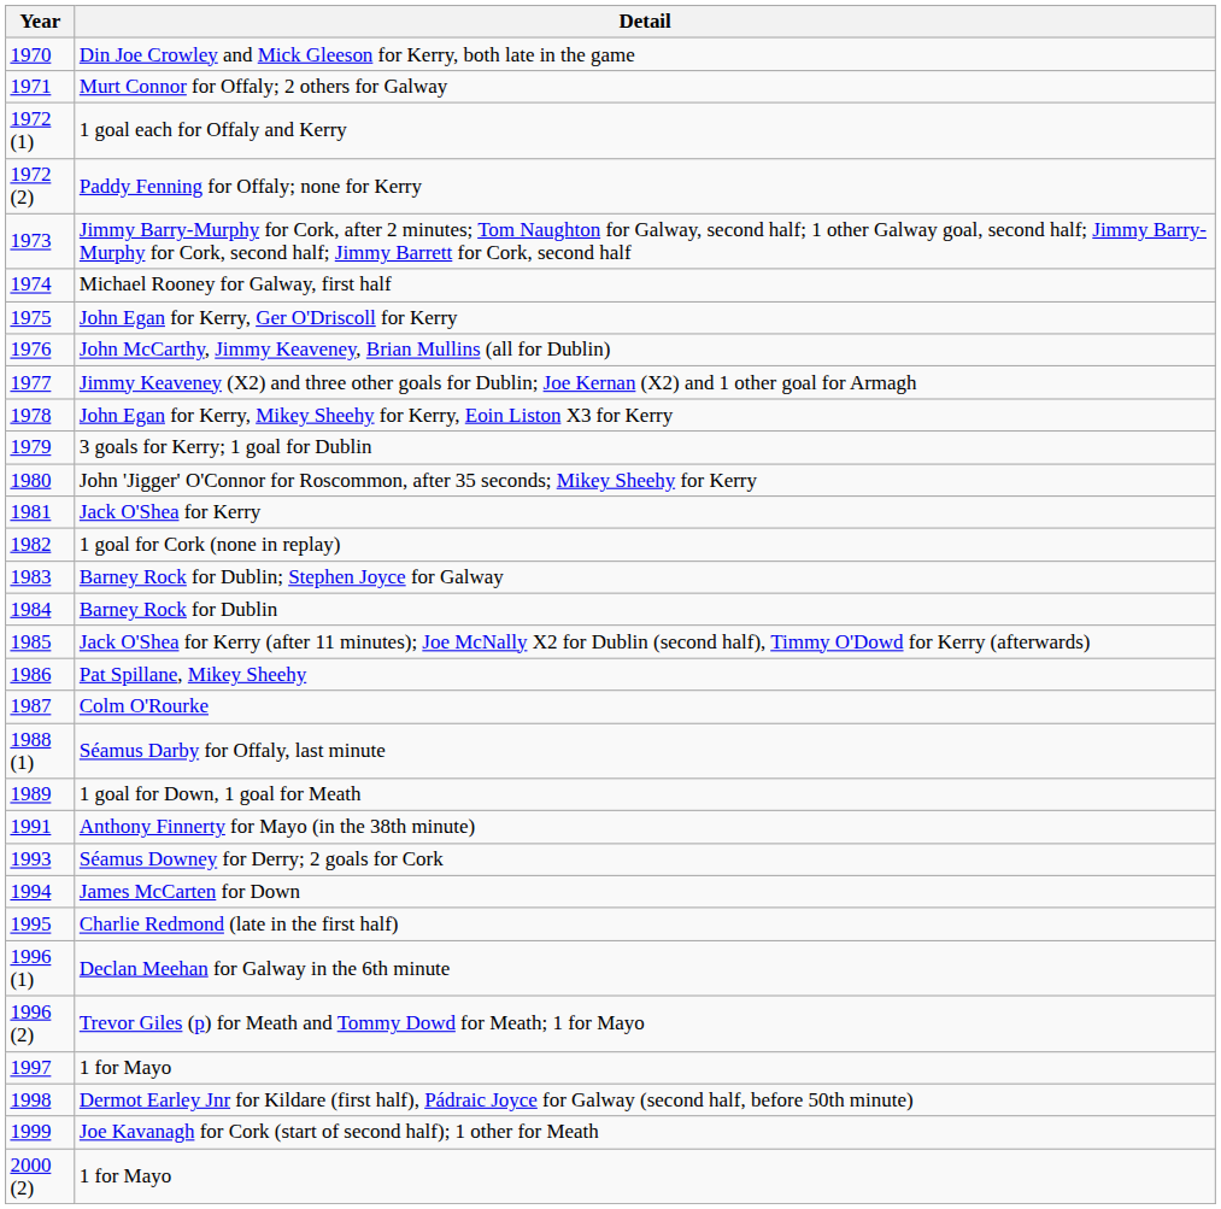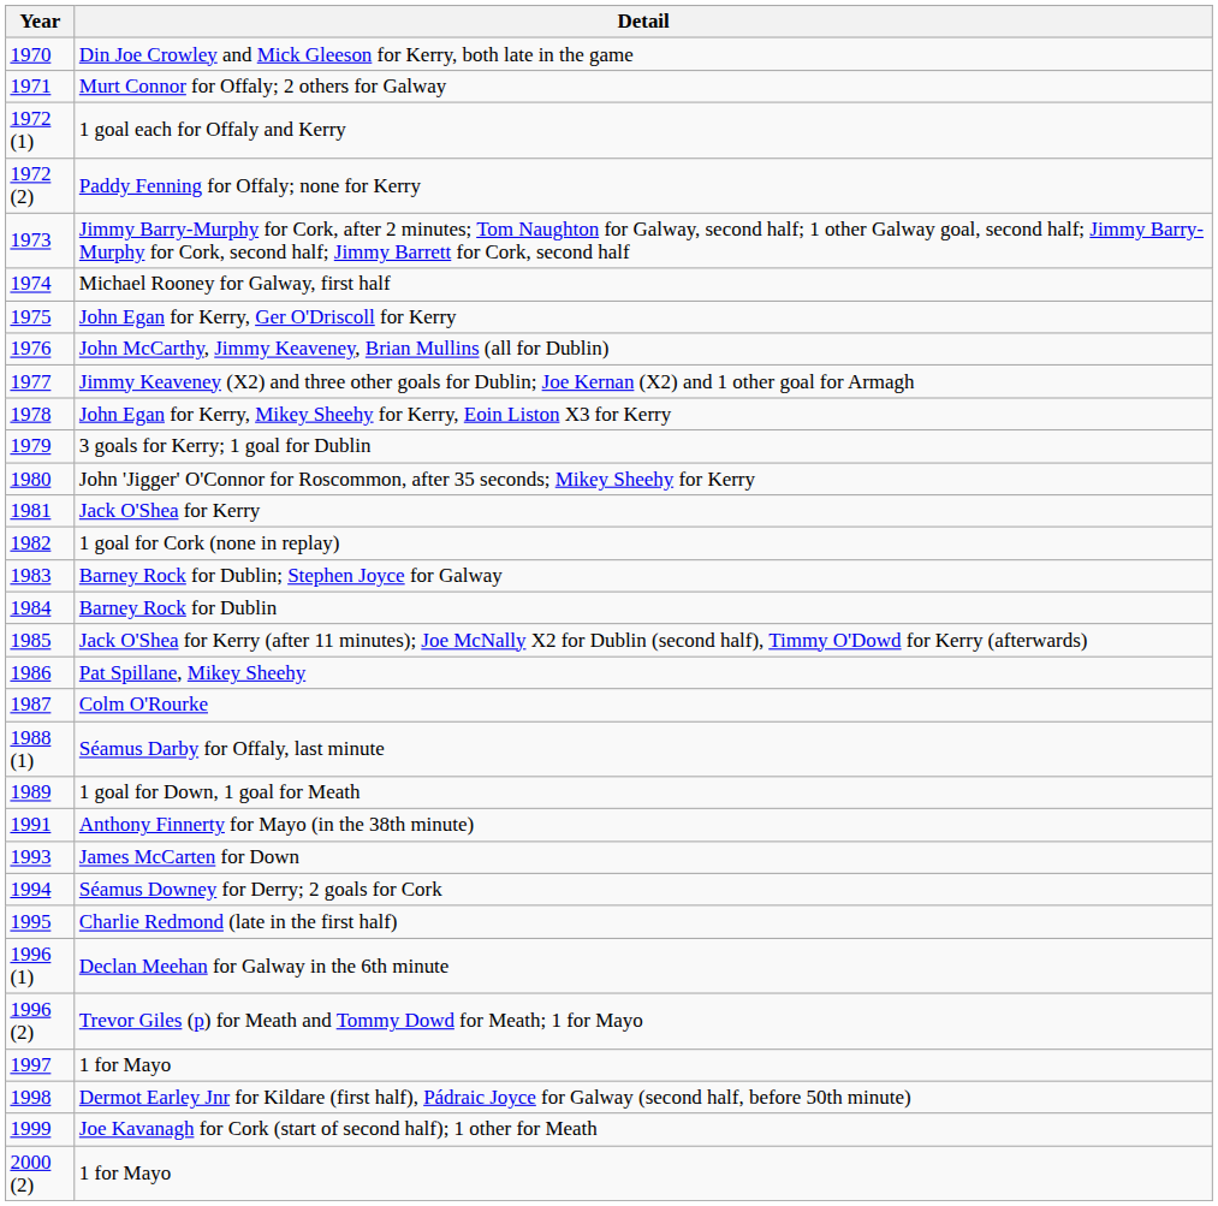 <table class="wikitable sortable" width="75%">
 <tr>
 <th>Year</th>
 <th>Detail</th>
 </tr>
 <tr>
 <td><a href='#'>1970</a></td>
 <td><a href='#'>Din Joe Crowley</a> and <a href='#'>Mick Gleeson</a> for Kerry, both late in the game</td>
 </tr>
 <tr>
 <td><a href='#'>1971</a></td>
 <td><a href='#'>Murt Connor</a> for Offaly; 2 others for Galway</td>
 </tr>
 <tr>
 <td><a href='#'>1972</a> (1)</td>
 <td>1 goal each for Offaly and Kerry</td>
 </tr>
 <tr>
 <td><a href='#'>1972</a> (2)</td>
 <td><a href='#'>Paddy Fenning</a> for Offaly; none for Kerry</td>
 </tr>
 <tr>
 <td><a href='#'>1973</a></td>
 <td><a href='#'>Jimmy Barry-Murphy</a> for Cork, after 2 minutes; <a href='#'>Tom Naughton</a> for Galway, second half; 1 other Galway goal, second half; <a href='#'>Jimmy Barry-Murphy</a> for Cork, second half; <a href='#'>Jimmy Barrett</a> for Cork, second half</td>
 </tr>
 <tr>
 <td><a href='#'>1974</a></td>
 <td>Michael Rooney for Galway, first half</td>
 </tr>
 <tr>
 <td><a href='#'>1975</a></td>
 <td><a href='#'>John Egan</a> for Kerry, <a href='#'>Ger O'Driscoll</a> for Kerry</td>
 </tr>
 <tr>
 <td><a href='#'>1976</a></td>
 <td><a href='#'>John McCarthy</a>, <a href='#'>Jimmy Keaveney</a>, <a href='#'>Brian Mullins</a> (all for Dublin)</td>
 </tr>
 <tr>
 <td><a href='#'>1977</a></td>
 <td><a href='#'>Jimmy Keaveney</a> (X2) and three other goals for Dublin; <a href='#'>Joe Kernan</a> (X2) and 1 other goal for Armagh</td>
 </tr>
 <tr>
 <td><a href='#'>1978</a></td>
 <td><a href='#'>John Egan</a> for Kerry, <a href='#'>Mikey Sheehy</a> for Kerry, <a href='#'>Eoin Liston</a> X3 for Kerry</td>
 </tr>
 <tr>
 <td><a href='#'>1979</a></td>
 <td>3 goals for Kerry; 1 goal for Dublin</td>
 </tr>
 <tr>
 <td><a href='#'>1980</a></td>
 <td>John 'Jigger' O'Connor for Roscommon, after 35 seconds; <a href='#'>Mikey Sheehy</a> for Kerry</td>
 </tr>
 <tr>
 <td><a href='#'>1981</a></td>
 <td><a href='#'>Jack O'Shea</a> for Kerry</td>
 </tr>
 <tr>
 <td><a href='#'>1982</a></td>
 <td>1 goal for Cork (none in replay)</td>
 </tr>
 <tr>
 <td><a href='#'>1983</a></td>
 <td><a href='#'>Barney Rock</a> for Dublin; <a href='#'>Stephen Joyce</a> for Galway</td>
 </tr>
 <tr>
 <td><a href='#'>1984</a></td>
 <td><a href='#'>Barney Rock</a> for Dublin</td>
 </tr>
 <tr>
 <td><a href='#'>1985</a></td>
 <td><a href='#'>Jack O'Shea</a> for Kerry (after 11 minutes); <a href='#'>Joe McNally</a> X2 for Dublin (second half), <a href='#'>Timmy O'Dowd</a> for Kerry (afterwards)</td>
 </tr>
 <tr>
 <td><a href='#'>1986</a></td>
 <td><a href='#'>Pat Spillane</a>, <a href='#'>Mikey Sheehy</a></td>
 </tr>
 <tr>
 <td><a href='#'>1987</a></td>
 <td><a href='#'>Colm O'Rourke</a></td>
 </tr>
 <tr>
 <td><a href='#'>1988</a> (1)</td>
 <td><a href='#'>Séamus Darby</a> for Offaly, last minute</td>
 </tr>
 <tr>
 <td><a href='#'>1989</a></td>
 <td>1 goal for Down, 1 goal for Meath</td>
 </tr>
 <tr>
 <td><a href='#'>1991</a></td>
 <td><a href='#'>Anthony Finnerty</a> for Mayo (in the 38th minute)</td>
 </tr>
 <tr>
 <td><a href='#'>1993</a></td>
-<td><a href='#'>Séamus Downey</a> for Derry; 2 goals for Cork</td>
+<td><a href='#'>James McCarten</a> for Down</td>
 </tr>
 <tr>
 <td><a href='#'>1994</a></td>
-<td><a href='#'>James McCarten</a> for Down</td>
+<td><a href='#'>Séamus Downey</a> for Derry; 2 goals for Cork</td>
 </tr>
 <tr>
 <td><a href='#'>1995</a></td>
 <td><a href='#'>Charlie Redmond</a> (late in the first half)</td>
 </tr>
 <tr>
 <td><a href='#'>1996</a> (1)</td>
 <td><a href='#'>Declan Meehan</a> for Galway in the 6th minute</td>
 </tr>
 <tr>
 <td><a href='#'>1996</a> (2)</td>
 <td><a href='#'>Trevor Giles</a> (<a href='#'>p</a>) for Meath and <a href='#'>Tommy Dowd</a> for Meath; 1 for Mayo</td>
 </tr>
 <tr>
 <td><a href='#'>1997</a></td>
 <td>1 for Mayo</td>
 </tr>
 <tr>
 <td><a href='#'>1998</a></td>
 <td><a href='#'>Dermot Earley Jnr</a> for Kildare (first half), <a href='#'>Pádraic Joyce</a> for Galway (second half, before 50th minute)</td>
 </tr>
 <tr>
 <td><a href='#'>1999</a></td>
 <td><a href='#'>Joe Kavanagh</a> for Cork (start of second half); 1 other for Meath</td>
 </tr>
 <tr>
 <td><a href='#'>2000</a> (2)</td>
 <td>1 for Mayo</td>
 </tr>
 <tr>
 </tr>
 </table>
